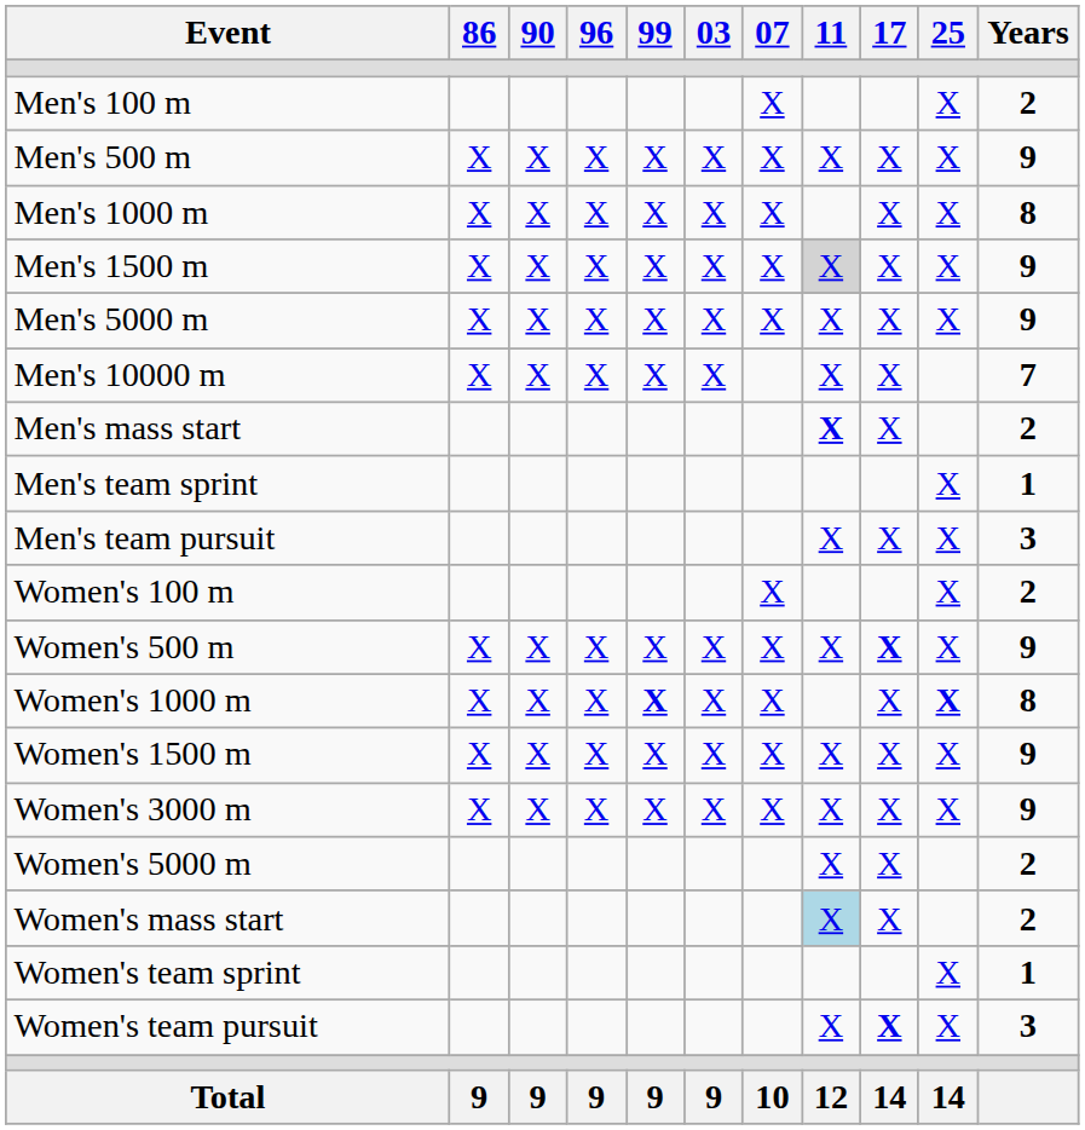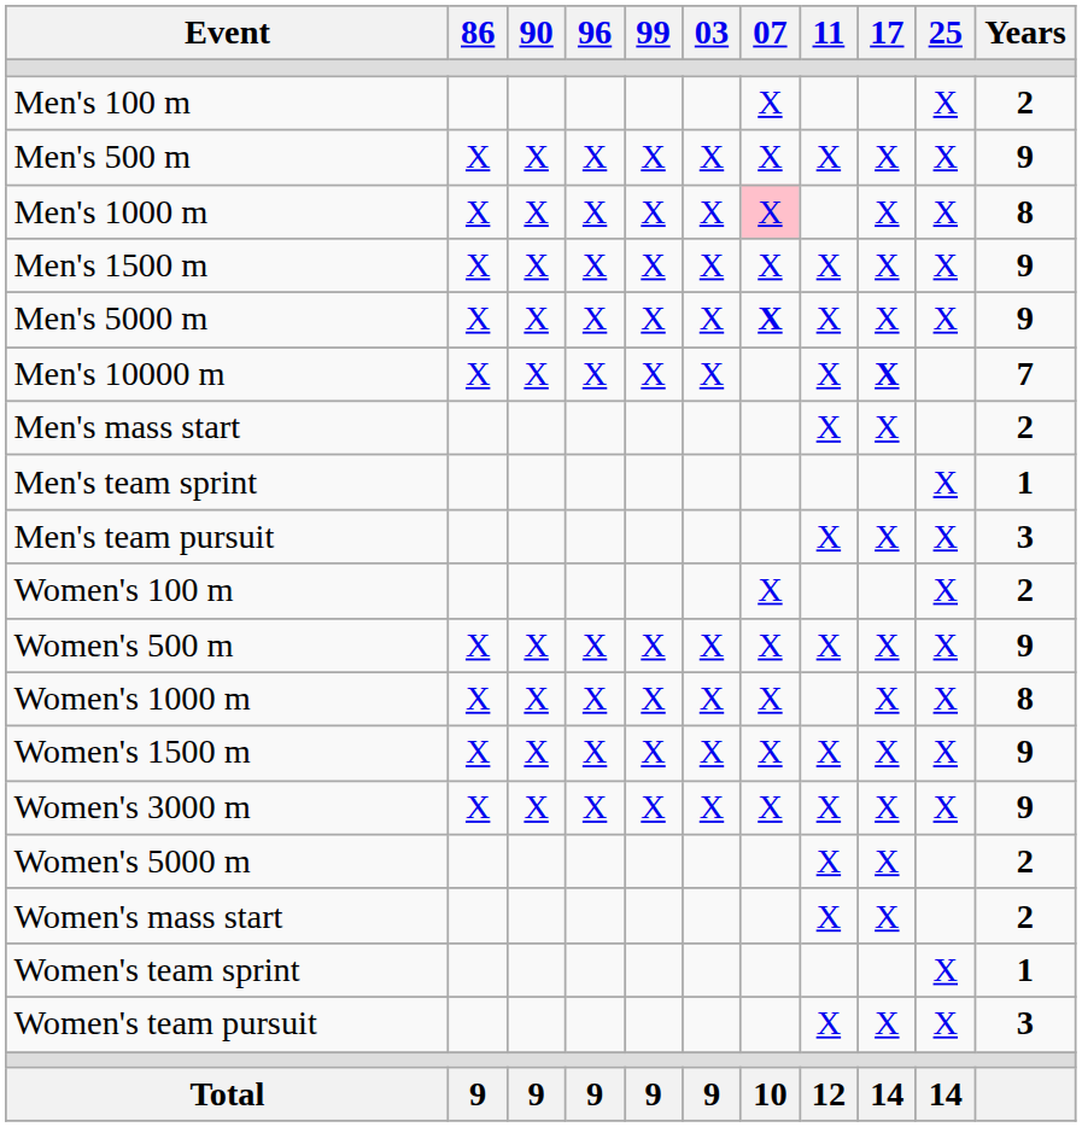 <table class="wikitable" style="text-align:center">
 <tr>
 <th width="200">Event</th>
 <th width=20><a href='#'>86</a></th>
 <th width=20><a href='#'>90</a></th>
 <th width=20><a href='#'>96</a></th>
 <th width=20><a href='#'>99</a></th>
 <th width=20><a href='#'>03</a></th>
 <th width=20><a href='#'>07</a></th>
 <th width=20><a href='#'>11</a></th>
 <th width=20><a href='#'>17</a></th>
 <th width=20><a href='#'>25</a></th>
 <th width=40>Years</th>
 </tr>
 <tr bgcolor=#DDDDDD>
 <td colspan=11></td>
 </tr>
 <tr>
 <td align=left>Men's 100 m</td>
 <td></td>
 <td></td>
 <td></td>
 <td></td>
 <td></td>
 <td><a href='#'>X</a></td>
 <td></td>
 <td></td>
 <td><a href='#'>X</a></td>
 <td><strong>2</strong></td>
 </tr>
 <tr>
 <td align=left>Men's 500 m</td>
 <td><a href='#'>X</a></td>
 <td><a href='#'>X</a></td>
 <td><a href='#'>X</a></td>
 <td><a href='#'>X</a></td>
 <td><a href='#'>X</a></td>
 <td><a href='#'>X</a></td>
 <td><a href='#'>X</a></td>
 <td><a href='#'>X</a></td>
 <td><a href='#'>X</a></td>
 <td><strong>9</strong></td>
 </tr>
 <tr>
 <td align=left>Men's 1000 m</td>
 <td><a href='#'>X</a></td>
 <td><a href='#'>X</a></td>
 <td><a href='#'>X</a></td>
 <td><a href='#'>X</a></td>
 <td><a href='#'>X</a></td>
-<td><a href='#'>X</a></td>
+<td style="background: pink;"><a href='#'>X</a></td>
 <td></td>
 <td><a href='#'>X</a></td>
 <td><a href='#'>X</a></td>
 <td><strong>8</strong></td>
 </tr>
 <tr>
 <td align=left>Men's 1500 m</td>
 <td><a href='#'>X</a></td>
 <td><a href='#'>X</a></td>
 <td><a href='#'>X</a></td>
 <td><a href='#'>X</a></td>
 <td><a href='#'>X</a></td>
 <td><a href='#'>X</a></td>
-<td style="background: lightgrey;"><a href='#'>X</a></td>
+<td><a href='#'>X</a></td>
 <td><a href='#'>X</a></td>
 <td><a href='#'>X</a></td>
 <td><strong>9</strong></td>
 </tr>
 <tr>
 <td align=left>Men's 5000 m</td>
 <td><a href='#'>X</a></td>
 <td><a href='#'>X</a></td>
 <td><a href='#'>X</a></td>
 <td><a href='#'>X</a></td>
 <td><a href='#'>X</a></td>
-<td><a href='#'>X</a></td>
+<td><strong><a href='#'>X</a></strong></td>
 <td><a href='#'>X</a></td>
 <td><a href='#'>X</a></td>
 <td><a href='#'>X</a></td>
 <td><strong>9</strong></td>
 </tr>
 <tr>
 <td align=left>Men's 10000 m</td>
 <td><a href='#'>X</a></td>
 <td><a href='#'>X</a></td>
 <td><a href='#'>X</a></td>
 <td><a href='#'>X</a></td>
 <td><a href='#'>X</a></td>
 <td></td>
 <td><a href='#'>X</a></td>
-<td><a href='#'>X</a></td>
+<td><strong><a href='#'>X</a></strong></td>
 <td></td>
 <td><strong>7</strong></td>
 </tr>
 <tr>
 <td align=left>Men's mass start</td>
 <td></td>
 <td></td>
 <td></td>
 <td></td>
 <td></td>
 <td></td>
-<td><strong><a href='#'>X</a></strong></td>
+<td><a href='#'>X</a></td>
 <td><a href='#'>X</a></td>
 <td></td>
 <td><strong>2</strong></td>
 </tr>
 <tr>
 <td align=left>Men's team sprint</td>
 <td></td>
 <td></td>
 <td></td>
 <td></td>
 <td></td>
 <td></td>
 <td></td>
 <td></td>
 <td><a href='#'>X</a></td>
 <td><strong>1</strong></td>
 </tr>
 <tr>
 <td align=left>Men's team pursuit</td>
 <td></td>
 <td></td>
 <td></td>
 <td></td>
 <td></td>
 <td></td>
 <td><a href='#'>X</a></td>
 <td><a href='#'>X</a></td>
 <td><a href='#'>X</a></td>
 <td><strong>3</strong></td>
 </tr>
 <tr>
 <td align=left>Women's 100 m</td>
 <td></td>
 <td></td>
 <td></td>
 <td></td>
 <td></td>
 <td><a href='#'>X</a></td>
 <td></td>
 <td></td>
 <td><a href='#'>X</a></td>
 <td><strong>2</strong></td>
 </tr>
 <tr>
 <td align=left>Women's 500 m</td>
 <td><a href='#'>X</a></td>
 <td><a href='#'>X</a></td>
 <td><a href='#'>X</a></td>
 <td><a href='#'>X</a></td>
 <td><a href='#'>X</a></td>
 <td><a href='#'>X</a></td>
 <td><a href='#'>X</a></td>
-<td><strong><a href='#'>X</a></strong></td>
+<td><a href='#'>X</a></td>
 <td><a href='#'>X</a></td>
 <td><strong>9</strong></td>
 </tr>
 <tr>
 <td align=left>Women's 1000 m</td>
 <td><a href='#'>X</a></td>
 <td><a href='#'>X</a></td>
 <td><a href='#'>X</a></td>
-<td><strong><a href='#'>X</a></strong></td>
+<td><a href='#'>X</a></td>
 <td><a href='#'>X</a></td>
 <td><a href='#'>X</a></td>
 <td></td>
 <td><a href='#'>X</a></td>
-<td><strong><a href='#'>X</a></strong></td>
+<td><a href='#'>X</a></td>
 <td><strong>8</strong></td>
 </tr>
 <tr>
 <td align=left>Women's 1500 m</td>
 <td><a href='#'>X</a></td>
 <td><a href='#'>X</a></td>
 <td><a href='#'>X</a></td>
 <td><a href='#'>X</a></td>
 <td><a href='#'>X</a></td>
 <td><a href='#'>X</a></td>
 <td><a href='#'>X</a></td>
 <td><a href='#'>X</a></td>
 <td><a href='#'>X</a></td>
 <td><strong>9</strong></td>
 </tr>
 <tr>
 <td align=left>Women's 3000 m</td>
 <td><a href='#'>X</a></td>
 <td><a href='#'>X</a></td>
 <td><a href='#'>X</a></td>
 <td><a href='#'>X</a></td>
 <td><a href='#'>X</a></td>
 <td><a href='#'>X</a></td>
 <td><a href='#'>X</a></td>
 <td><a href='#'>X</a></td>
 <td><a href='#'>X</a></td>
 <td><strong>9</strong></td>
 </tr>
 <tr>
 <td align=left>Women's 5000 m</td>
 <td></td>
 <td></td>
 <td></td>
 <td></td>
 <td></td>
 <td></td>
 <td><a href='#'>X</a></td>
 <td><a href='#'>X</a></td>
 <td></td>
 <td><strong>2</strong></td>
 </tr>
 <tr>
 <td align=left>Women's mass start</td>
 <td></td>
 <td></td>
 <td></td>
 <td></td>
 <td></td>
 <td></td>
-<td style="background: lightblue;"><a href='#'>X</a></td>
+<td><a href='#'>X</a></td>
 <td><a href='#'>X</a></td>
 <td></td>
 <td><strong>2</strong></td>
 </tr>
 <tr>
 <td align=left>Women's team sprint</td>
 <td></td>
 <td></td>
 <td></td>
 <td></td>
 <td></td>
 <td></td>
 <td></td>
 <td></td>
 <td><a href='#'>X</a></td>
 <td><strong>1</strong></td>
 </tr>
 <tr>
 <td align=left>Women's team pursuit</td>
 <td></td>
 <td></td>
 <td></td>
 <td></td>
 <td></td>
 <td></td>
 <td><a href='#'>X</a></td>
-<td><strong><a href='#'>X</a></strong></td>
+<td><a href='#'>X</a></td>
 <td><a href='#'>X</a></td>
 <td><strong>3</strong></td>
 </tr>
 <tr bgcolor=#DDDDDD>
 <td colspan=11></td>
 </tr>
 <tr>
 <th>Total</th>
 <th>9</th>
 <th>9</th>
 <th>9</th>
 <th>9</th>
 <th>9</th>
 <th>10</th>
 <th>12</th>
 <th>14</th>
 <th>14</th>
 <th></th>
 </tr>
 </table>
